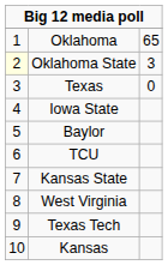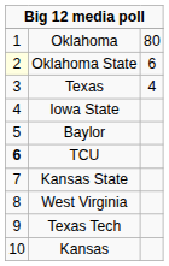 <table class="wikitable" style="display: inline-table;">
 <tr>
 <td align="center" Colspan="3"><strong>Big 12 media poll</strong></td>
 </tr>
 <tr align="center">
 </tr>
 <tr align="center">
 <td>1</td>
 <td>Oklahoma</td>
-<td>65</td>
+<td>80</td>
 </tr>
 <tr align="center">
 <td style="background: lightyellow;">2</td>
 <td>Oklahoma State</td>
-<td>3</td>
+<td>6</td>
 </tr>
 <tr align="center">
 <td>3</td>
 <td>Texas</td>
-<td>0</td>
+<td>4</td>
 </tr>
 <tr align="center">
 <td>4</td>
 <td>Iowa State</td>
 <td></td>
 </tr>
 <tr align="center">
 <td>5</td>
 <td>Baylor</td>
 <td></td>
 </tr>
 <tr align="center">
-<td>6</td>
+<td><strong>6</strong></td>
 <td>TCU</td>
 <td></td>
 </tr>
 <tr align="center">
 <td>7</td>
 <td>Kansas State</td>
 <td></td>
 </tr>
 <tr align="center">
 <td>8</td>
 <td>West Virginia</td>
 <td></td>
 </tr>
 <tr align="center">
 <td>9</td>
 <td>Texas Tech</td>
 <td></td>
 </tr>
 <tr align="center">
 <td>10</td>
 <td>Kansas</td>
 <td></td>
 </tr>
 </table>
